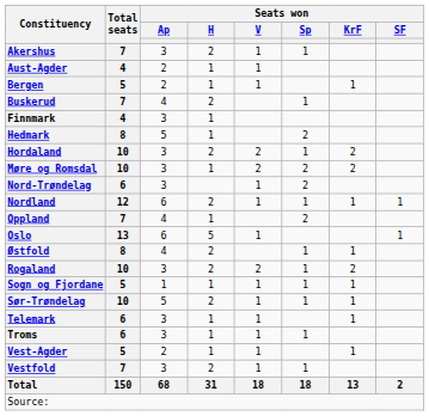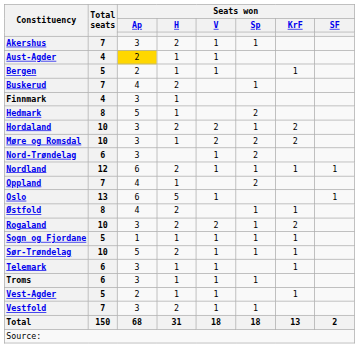 <table class="wikitable" style="text-align:center; font-size: 0.9em;">
 <tr>
 <th rowspan="3">Constituency</th>
 <th rowspan="3">Total<br>seats</th>
 <th colspan="6">Seats won</th>
 </tr>
 <tr>
 <th class="unsortable" style="width:50px;"><a href='#'>Ap</a></th>
 <th class="unsortable" style="width:50px;"><a href='#'>H</a></th>
 <th class="unsortable" style="width:50px;"><a href='#'>V</a></th>
 <th class="unsortable" style="width:50px;"><a href='#'>Sp</a></th>
 <th class="unsortable" style="width:50px;"><a href='#'>KrF</a></th>
 <th class="unsortable" style="width:50px;"><a href='#'>SF</a></th>
 </tr>
 <tr>
 <th style="background:"></th>
 <th style="background:"></th>
 <th style="background:"></th>
 <th style="background:"></th>
 <th style="background:"></th>
 <th style="background:"></th>
 </tr>
 <tr>
 <th style="text-align: left;"><a href='#'>Akershus</a></th>
 <th>7</th>
 <td>3</td>
 <td>2</td>
 <td>1</td>
 <td>1</td>
 <td></td>
 <td></td>
 </tr>
 <tr>
 <th style="text-align: left;"><a href='#'>Aust-Agder</a></th>
 <th>4</th>
-<td>2</td>
+<td style="background: gold;">2</td>
 <td>1</td>
 <td>1</td>
 <td></td>
 <td></td>
 <td></td>
 </tr>
 <tr>
 <th style="text-align: left;"><a href='#'>Bergen</a></th>
 <th>5</th>
 <td>2</td>
 <td>1</td>
 <td>1</td>
 <td></td>
 <td>1</td>
 <td></td>
 </tr>
 <tr>
 <th style="text-align: left;"><a href='#'>Buskerud</a></th>
 <th>7</th>
 <td>4</td>
 <td>2</td>
 <td></td>
 <td>1</td>
 <td></td>
 <td></td>
 </tr>
 <tr>
 <th style="text-align: left;">Finnmark</th>
 <th>4</th>
 <td>3</td>
 <td>1</td>
 <td></td>
 <td></td>
 <td></td>
 <td></td>
 </tr>
 <tr>
 <th style="text-align: left;"><a href='#'>Hedmark</a></th>
 <th>8</th>
 <td>5</td>
 <td>1</td>
 <td></td>
 <td>2</td>
 <td></td>
 <td></td>
 </tr>
 <tr>
 <th style="text-align: left;"><a href='#'>Hordaland</a></th>
 <th>10</th>
 <td>3</td>
 <td>2</td>
 <td>2</td>
 <td>1</td>
 <td>2</td>
 <td></td>
 </tr>
 <tr>
 <th style="text-align: left;"><a href='#'>Møre og Romsdal</a></th>
 <th>10</th>
 <td>3</td>
 <td>1</td>
 <td>2</td>
 <td>2</td>
 <td>2</td>
 <td></td>
 </tr>
 <tr>
 <th style="text-align: left;"><a href='#'>Nord-Trøndelag</a></th>
 <th>6</th>
 <td>3</td>
 <td></td>
 <td>1</td>
 <td>2</td>
 <td></td>
 <td></td>
 </tr>
 <tr>
 <th style="text-align: left;"><a href='#'>Nordland</a></th>
 <th>12</th>
 <td>6</td>
 <td>2</td>
 <td>1</td>
 <td>1</td>
 <td>1</td>
 <td>1</td>
 </tr>
 <tr>
 <th style="text-align: left;"><a href='#'>Oppland</a></th>
 <th>7</th>
 <td>4</td>
 <td>1</td>
 <td></td>
 <td>2</td>
 <td></td>
 <td></td>
 </tr>
 <tr>
 <th style="text-align: left;"><a href='#'>Oslo</a></th>
 <th>13</th>
 <td>6</td>
 <td>5</td>
 <td>1</td>
 <td></td>
 <td></td>
 <td>1</td>
 </tr>
 <tr>
 <th style="text-align: left;"><a href='#'>Østfold</a></th>
 <th>8</th>
 <td>4</td>
 <td>2</td>
 <td></td>
 <td>1</td>
 <td>1</td>
 <td></td>
 </tr>
 <tr>
 <th style="text-align: left;"><a href='#'>Rogaland</a></th>
 <th>10</th>
 <td>3</td>
 <td>2</td>
 <td>2</td>
 <td>1</td>
 <td>2</td>
 <td></td>
 </tr>
 <tr>
 <th style="text-align: left;"><a href='#'>Sogn og Fjordane</a></th>
 <th>5</th>
 <td>1</td>
 <td>1</td>
 <td>1</td>
 <td>1</td>
 <td>1</td>
 <td></td>
 </tr>
 <tr>
 <th style="text-align: left;"><a href='#'>Sør-Trøndelag</a></th>
 <th>10</th>
 <td>5</td>
 <td>2</td>
 <td>1</td>
 <td>1</td>
 <td>1</td>
 <td></td>
 </tr>
 <tr>
 <th style="text-align: left;"><a href='#'>Telemark</a></th>
 <th>6</th>
 <td>3</td>
 <td>1</td>
 <td>1</td>
 <td></td>
 <td>1</td>
 <td></td>
 </tr>
 <tr>
 <th style="text-align: left;">Troms</th>
 <th>6</th>
 <td>3</td>
 <td>1</td>
 <td>1</td>
 <td>1</td>
 <td></td>
 <td></td>
 </tr>
 <tr>
 <th style="text-align: left;"><a href='#'>Vest-Agder</a></th>
 <th>5</th>
 <td>2</td>
 <td>1</td>
 <td>1</td>
 <td></td>
 <td>1</td>
 <td></td>
 </tr>
 <tr>
 <th style="text-align: left;"><a href='#'>Vestfold</a></th>
 <th>7</th>
 <td>3</td>
 <td>2</td>
 <td>1</td>
 <td>1</td>
 <td></td>
 <td></td>
 </tr>
 <tr>
 <th style="text-align: left;">Total</th>
 <th>150</th>
 <th>68</th>
 <th>31</th>
 <th>18</th>
 <th>18</th>
 <th>13</th>
 <th>2</th>
 </tr>
 <tr>
 <td align=left colspan="8">Source: </td>
 </tr>
 </table>
